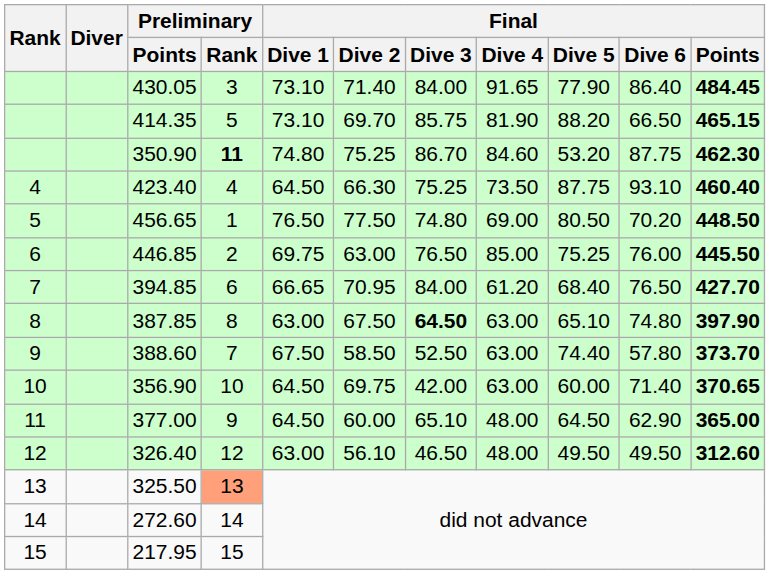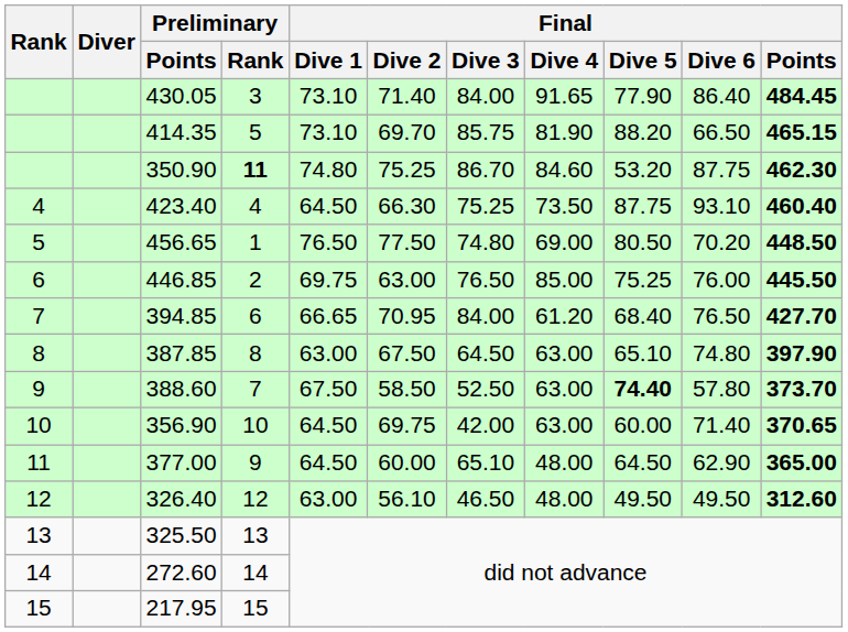 <table class="wikitable sortable" style="text-align:center">
 <tr>
 <th rowspan=2>Rank</th>
 <th rowspan=2>Diver</th>
 <th colspan=2>Preliminary</th>
 <th colspan=7>Final</th>
 </tr>
 <tr>
 <th>Points</th>
 <th>Rank</th>
 <th>Dive 1</th>
 <th>Dive 2</th>
 <th>Dive 3</th>
 <th>Dive 4</th>
 <th>Dive 5</th>
 <th>Dive 6</th>
 <th>Points</th>
 </tr>
 <tr bgcolor=ccffcc>
 <td></td>
 <td align=left></td>
 <td>430.05</td>
 <td>3</td>
 <td>73.10</td>
 <td>71.40</td>
 <td>84.00</td>
 <td>91.65</td>
 <td>77.90</td>
 <td>86.40</td>
 <td><strong>484.45</strong></td>
 </tr>
 <tr bgcolor=ccffcc>
 <td></td>
 <td align=left></td>
 <td>414.35</td>
 <td>5</td>
 <td>73.10</td>
 <td>69.70</td>
 <td>85.75</td>
 <td>81.90</td>
 <td>88.20</td>
 <td>66.50</td>
 <td><strong>465.15</strong></td>
 </tr>
 <tr bgcolor=ccffcc>
 <td></td>
 <td align=left></td>
 <td>350.90</td>
 <td><strong>11</strong></td>
 <td>74.80</td>
 <td>75.25</td>
 <td>86.70</td>
 <td>84.60</td>
 <td>53.20</td>
 <td>87.75</td>
 <td><strong>462.30</strong></td>
 </tr>
 <tr bgcolor=ccffcc>
 <td>4</td>
 <td align=left></td>
 <td>423.40</td>
 <td>4</td>
 <td>64.50</td>
 <td>66.30</td>
 <td>75.25</td>
 <td>73.50</td>
 <td>87.75</td>
 <td>93.10</td>
 <td><strong>460.40</strong></td>
 </tr>
 <tr bgcolor=ccffcc>
 <td>5</td>
 <td align=left></td>
 <td>456.65</td>
 <td>1</td>
 <td>76.50</td>
 <td>77.50</td>
 <td>74.80</td>
 <td>69.00</td>
 <td>80.50</td>
 <td>70.20</td>
 <td><strong>448.50</strong></td>
 </tr>
 <tr bgcolor=ccffcc>
 <td>6</td>
 <td align=left></td>
 <td>446.85</td>
 <td>2</td>
 <td>69.75</td>
 <td>63.00</td>
 <td>76.50</td>
 <td>85.00</td>
 <td>75.25</td>
 <td>76.00</td>
 <td><strong>445.50</strong></td>
 </tr>
 <tr bgcolor=ccffcc>
 <td>7</td>
 <td align=left></td>
 <td>394.85</td>
 <td>6</td>
 <td>66.65</td>
 <td>70.95</td>
 <td>84.00</td>
 <td>61.20</td>
 <td>68.40</td>
 <td>76.50</td>
 <td><strong>427.70</strong></td>
 </tr>
 <tr bgcolor=ccffcc>
 <td>8</td>
 <td align=left></td>
 <td>387.85</td>
 <td>8</td>
 <td>63.00</td>
 <td>67.50</td>
-<td><strong>64.50</strong></td>
+<td>64.50</td>
 <td>63.00</td>
 <td>65.10</td>
 <td>74.80</td>
 <td><strong>397.90</strong></td>
 </tr>
 <tr bgcolor=ccffcc>
 <td>9</td>
 <td align=left></td>
 <td>388.60</td>
 <td>7</td>
 <td>67.50</td>
 <td>58.50</td>
 <td>52.50</td>
 <td>63.00</td>
-<td>74.40</td>
+<td><strong>74.40</strong></td>
 <td>57.80</td>
 <td><strong>373.70</strong></td>
 </tr>
 <tr bgcolor=ccffcc>
 <td>10</td>
 <td align=left></td>
 <td>356.90</td>
 <td>10</td>
 <td>64.50</td>
 <td>69.75</td>
 <td>42.00</td>
 <td>63.00</td>
 <td>60.00</td>
 <td>71.40</td>
 <td><strong>370.65</strong></td>
 </tr>
 <tr bgcolor=ccffcc>
 <td>11</td>
 <td align=left></td>
 <td>377.00</td>
 <td>9</td>
 <td>64.50</td>
 <td>60.00</td>
 <td>65.10</td>
 <td>48.00</td>
 <td>64.50</td>
 <td>62.90</td>
 <td><strong>365.00</strong></td>
 </tr>
 <tr bgcolor=ccffcc>
 <td>12</td>
 <td align=left></td>
 <td>326.40</td>
 <td>12</td>
 <td>63.00</td>
 <td>56.10</td>
 <td>46.50</td>
 <td>48.00</td>
 <td>49.50</td>
 <td>49.50</td>
 <td><strong>312.60</strong></td>
 </tr>
 <tr>
 <td>13</td>
 <td align=left></td>
 <td>325.50</td>
-<td style="background: lightsalmon;">13</td>
+<td>13</td>
 <td colspan=7 rowspan=3>did not advance</td>
 </tr>
 <tr>
 <td>14</td>
 <td align=left></td>
 <td>272.60</td>
 <td>14</td>
 </tr>
 <tr>
 <td>15</td>
 <td align=left></td>
 <td>217.95</td>
 <td>15</td>
 </tr>
 </table>
